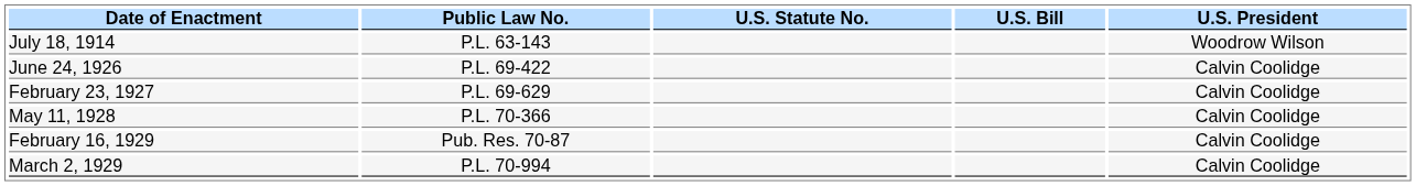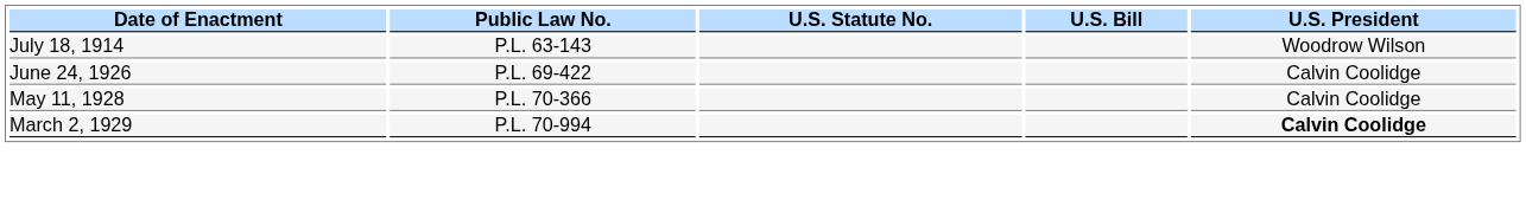 <table style="border:1px solid gray; align:left; width:100%" cellspacing=3 cellpadding=0>
 <tr style="font-weight:bold; text-align:center; background:#bbddff; color:black;">
 <th style=" border-bottom:1.5px solid black">Date of Enactment</th>
 <th style=" border-bottom:1.5px solid black">Public Law No.</th>
 <th style=" border-bottom:1.5px solid black">U.S. Statute No.</th>
 <th style=" border-bottom:1.5px solid black">U.S. Bill</th>
 <th style=" border-bottom:1.5px solid black">U.S. President</th>
 </tr>
 <tr>
 <td style="border-bottom:1px solid gray; background:#F5F5F5;">July 18, 1914</td>
 <td style="border-bottom:1px solid gray; background:#F5F5F5; text-align:center;">P.L. 63-143</td>
 <td style="border-bottom:1px solid gray; background:#F5F5F5; text-align:center;"></td>
 <td style="border-bottom:1px solid gray; background:#F5F5F5; text-align:center;"></td>
 <td style="border-bottom:1px solid gray; background:#F5F5F5; text-align:center;">Woodrow Wilson</td>
 </tr>
 <tr>
 <td style="border-bottom:1px solid gray; background:#F5F5F5;">June 24, 1926</td>
 <td style="border-bottom:1px solid gray; background:#F5F5F5; text-align:center;">P.L. 69-422</td>
 <td style="border-bottom:1px solid gray; background:#F5F5F5; text-align:center;"></td>
 <td style="border-bottom:1px solid gray; background:#F5F5F5; text-align:center;"></td>
 <td style="border-bottom:1px solid gray; background:#F5F5F5; text-align:center;">Calvin Coolidge</td>
 </tr>
 <tr>
-<td style="border-bottom:1px solid gray; background:#F5F5F5;">February 23, 1927</td>
-<td style="border-bottom:1px solid gray; background:#F5F5F5; text-align:center;">P.L. 69-629</td>
-<td style="border-bottom:1px solid gray; background:#F5F5F5; text-align:center;"></td>
-<td style="border-bottom:1px solid gray; background:#F5F5F5; text-align:center;"></td>
-<td style="border-bottom:1px solid gray; background:#F5F5F5; text-align:center;">Calvin Coolidge</td>
-</tr>
-<tr>
 <td style="border-bottom:1px solid gray; background:#F5F5F5;">May 11, 1928</td>
 <td style="border-bottom:1px solid gray; background:#F5F5F5; text-align:center;">P.L. 70-366</td>
-<td style="border-bottom:1px solid gray; background:#F5F5F5; text-align:center;"></td>
-<td style="border-bottom:1px solid gray; background:#F5F5F5; text-align:center;"></td>
-<td style="border-bottom:1px solid gray; background:#F5F5F5; text-align:center;">Calvin Coolidge</td>
-</tr>
-<tr>
-<td style="border-bottom:1px solid gray; background:#F5F5F5;">February 16, 1929</td>
-<td style="border-bottom:1px solid gray; background:#F5F5F5; text-align:center;">Pub. Res. 70-87</td>
 <td style="border-bottom:1px solid gray; background:#F5F5F5; text-align:center;"></td>
 <td style="border-bottom:1px solid gray; background:#F5F5F5; text-align:center;"></td>
 <td style="border-bottom:1px solid gray; background:#F5F5F5; text-align:center;">Calvin Coolidge</td>
 </tr>
 <tr>
 <td style="border-bottom:1.5px solid black; background:#F5F5F5;">March 2, 1929</td>
 <td style="border-bottom:1.5px solid black; background:#F5F5F5; text-align:center;">P.L. 70-994</td>
 <td style="border-bottom:1.5px solid black; background:#F5F5F5; text-align:center;"></td>
 <td style="border-bottom:1.5px solid black; background:#F5F5F5; text-align:center;"></td>
-<td style="border-bottom:1.5px solid black; background:#F5F5F5; text-align:center;">Calvin Coolidge</td>
+<td style="border-bottom:1.5px solid black; background:#F5F5F5; text-align:center;"><strong>Calvin Coolidge</strong></td>
 </tr>
 </table>
